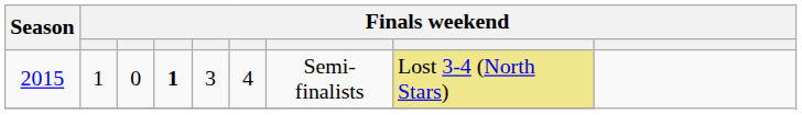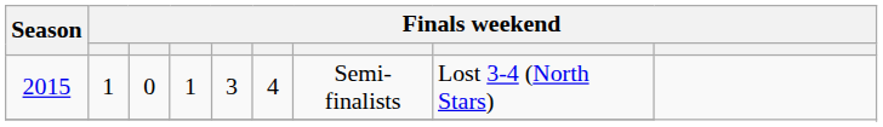 <table class="wikitable" style="text-align: center">
 <tr>
 <th rowspan="2" style="width:40px">Season</th>
 <th colspan="8">Finals weekend</th>
 </tr>
 <tr>
 <th width="20px"></th>
 <th width="20px"></th>
 <th width="20px"></th>
 <th width="20px"></th>
 <th width="20px"></th>
 <th width="85px"></th>
 <th width="140px"></th>
 <th width="140px"></th>
 </tr>
 <tr>
 <td><a href='#'>2015</a></td>
 <td>1</td>
 <td>0</td>
-<td><strong>1</strong></td>
+<td>1</td>
 <td>3</td>
 <td>4</td>
 <td>Semi-finalists</td>
-<td align="left" style="background: khaki;">Lost <a href='#'>3-4</a> (<a href='#'>North Stars</a>)</td>
+<td align="left">Lost <a href='#'>3-4</a> (<a href='#'>North Stars</a>)</td>
 </tr>
 <tr>
 </tr>
 </table>
